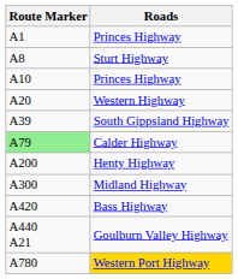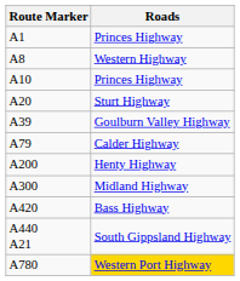 <table style="margin-left:1em; margin-bottom:1em; color:black; font-size:95%;" class="wikitable">
 <tr style="text-align:center;">
 <th>Route Marker</th>
 <th>Roads</th>
 </tr>
 <tr>
 <td> A1</td>
 <td><a href='#'>Princes Highway</a></td>
 </tr>
 <tr>
 <td> A8</td>
-<td><a href='#'>Sturt Highway</a></td>
+<td><a href='#'>Western Highway</a></td>
 </tr>
 <tr>
 <td> A10</td>
 <td><a href='#'>Princes Highway</a></td>
 </tr>
 <tr>
 <td> A20</td>
-<td><a href='#'>Western Highway</a></td>
+<td><a href='#'>Sturt Highway</a></td>
 </tr>
 <tr>
 <td> A39</td>
-<td><a href='#'>South Gippsland Highway</a></td>
+<td><a href='#'>Goulburn Valley Highway</a></td>
 </tr>
 <tr>
-<td style="background: lightgreen;"> A79</td>
+<td> A79</td>
 <td><a href='#'>Calder Highway</a></td>
 </tr>
 <tr>
 <td> A200</td>
 <td><a href='#'>Henty Highway</a></td>
 </tr>
 <tr>
 <td> A300</td>
 <td><a href='#'>Midland Highway</a></td>
 </tr>
 <tr>
 <td> A420</td>
 <td><a href='#'>Bass Highway</a></td>
 </tr>
 <tr>
 <td> A440 <br>  A21</td>
-<td><a href='#'>Goulburn Valley Highway</a></td>
+<td><a href='#'>South Gippsland Highway</a></td>
 </tr>
 <tr>
 <td>A780</td>
 <td style="background: gold;"><a href='#'>Western Port Highway</a></td>
 </tr>
 </table>
